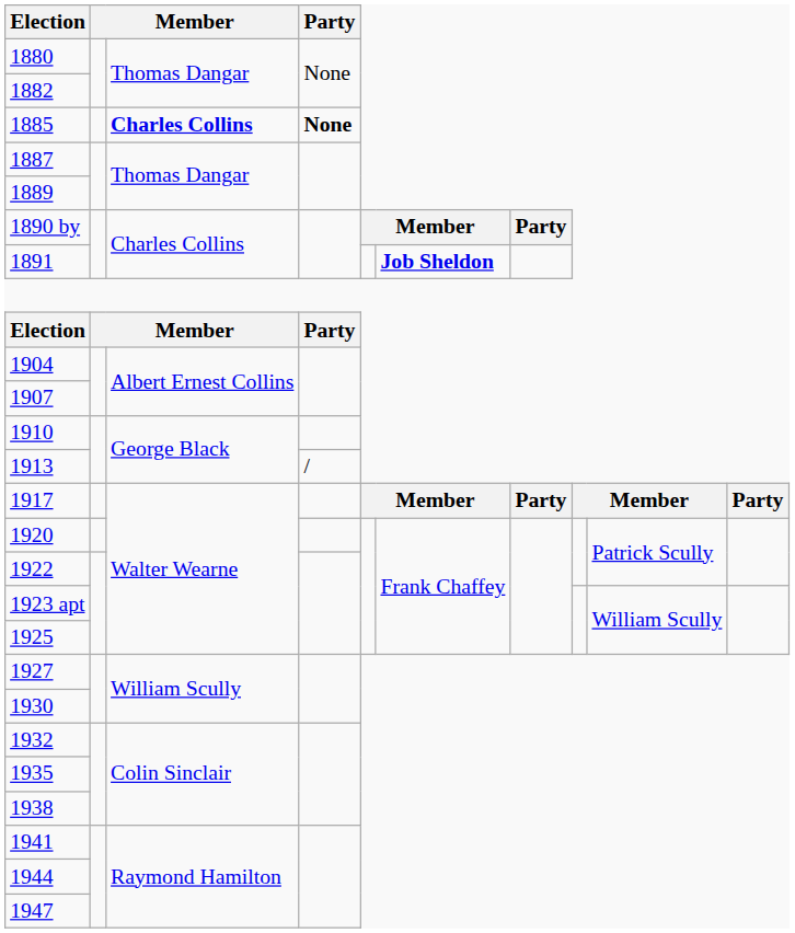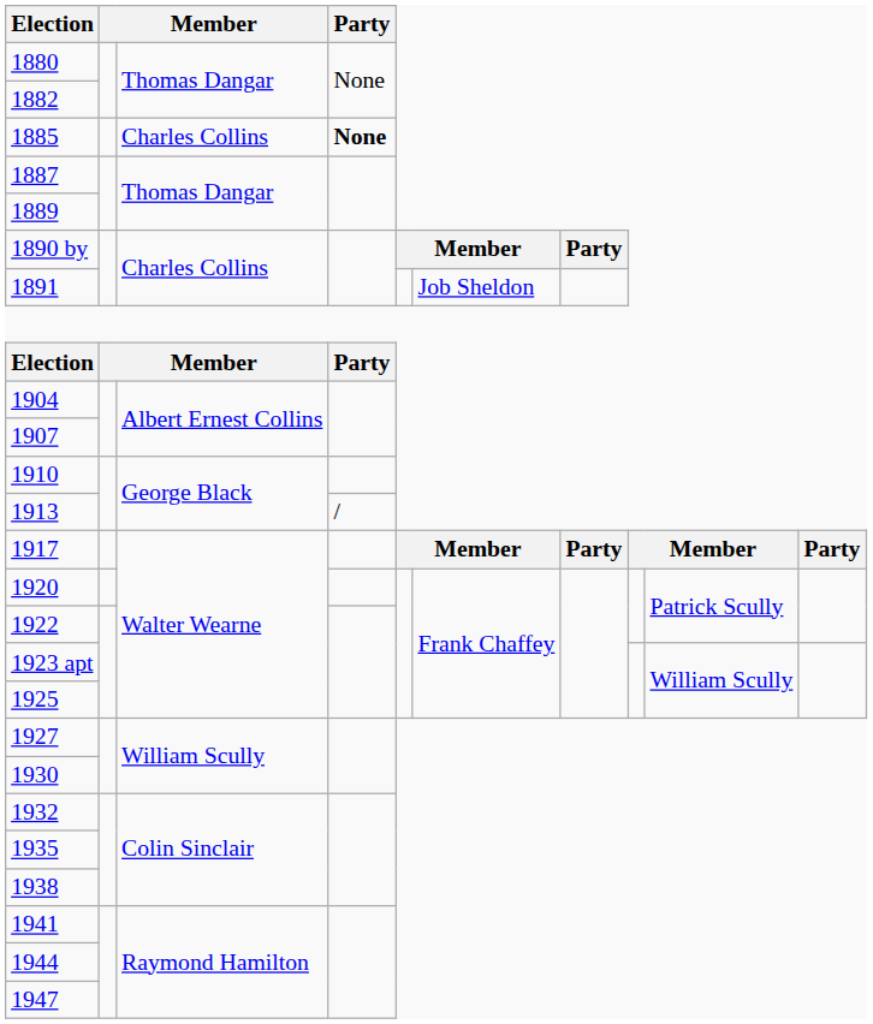 <table class="wikitable" style='border-style: none none none none;'>
 <tr>
 <th>Election</th>
 <th colspan="2">Member</th>
 <th>Party</th>
 </tr>
 <tr style="background: #f9f9f9">
 <td><a href='#'>1880</a></td>
 <td rowspan="2" > </td>
 <td rowspan="2"><a href='#'>Thomas Dangar</a></td>
 <td rowspan="2">None</td>
 </tr>
 <tr style="background: #f9f9f9">
 <td><a href='#'>1882</a></td>
 </tr>
 <tr style="background: #f9f9f9">
 <td><a href='#'>1885</a></td>
 <td> </td>
-<td><strong><a href='#'>Charles Collins</a></strong></td>
+<td><a href='#'>Charles Collins</a></td>
 <td><strong>None</strong></td>
 </tr>
 <tr style="background: #f9f9f9">
 <td><a href='#'>1887</a></td>
 <td rowspan="2" > </td>
 <td rowspan="2"><a href='#'>Thomas Dangar</a></td>
 <td rowspan="2"></td>
 </tr>
 <tr style="background: #f9f9f9">
 <td><a href='#'>1889</a></td>
 </tr>
 <tr style="background: #f9f9f9">
 <td><a href='#'>1890 by</a></td>
 <td rowspan="2" > </td>
 <td rowspan="2"><a href='#'>Charles Collins</a></td>
 <td rowspan="2"></td>
 <th colspan="2">Member</th>
 <th>Party</th>
 </tr>
 <tr style="background: #f9f9f9">
 <td><a href='#'>1891</a></td>
 <td> </td>
-<td><strong><a href='#'>Job Sheldon</a></strong></td>
+<td><a href='#'>Job Sheldon</a></td>
 <td></td>
 </tr>
 <tr>
 <td colspan="4" style='border-style: none none none none;'> </td>
 </tr>
 <tr>
 <th>Election</th>
 <th colspan="2">Member</th>
 <th>Party</th>
 </tr>
 <tr style="background: #f9f9f9">
 <td><a href='#'>1904</a></td>
 <td rowspan="2" > </td>
 <td rowspan="2"><a href='#'>Albert Ernest Collins</a></td>
 <td rowspan="2"></td>
 </tr>
 <tr style="background: #f9f9f9">
 <td><a href='#'>1907</a></td>
 </tr>
 <tr style="background: #f9f9f9">
 <td><a href='#'>1910</a></td>
 <td rowspan="2" > </td>
 <td rowspan="2"><a href='#'>George Black</a></td>
 <td></td>
 </tr>
 <tr style="background: #f9f9f9">
 <td><a href='#'>1913</a></td>
 <td> / </td>
 </tr>
 <tr style="background: #f9f9f9">
 <td><a href='#'>1917</a></td>
 <td> </td>
 <td rowspan="5"><a href='#'>Walter Wearne</a></td>
 <td></td>
 <th colspan="2">Member</th>
 <th>Party</th>
 <th colspan="2">Member</th>
 <th>Party</th>
 </tr>
 <tr style="background: #f9f9f9">
 <td><a href='#'>1920</a></td>
 <td> </td>
 <td></td>
 <td rowspan="4" > </td>
 <td rowspan="4"><a href='#'>Frank Chaffey</a></td>
 <td rowspan="4"></td>
 <td rowspan="2" > </td>
 <td rowspan="2"><a href='#'>Patrick Scully</a></td>
 <td rowspan="2"></td>
 </tr>
 <tr style="background: #f9f9f9">
 <td><a href='#'>1922</a></td>
 <td rowspan="3" > </td>
 <td rowspan="3"></td>
 </tr>
 <tr style="background: #f9f9f9">
 <td><a href='#'>1923 apt</a></td>
 <td rowspan="2"> </td>
 <td rowspan="2"><a href='#'>William Scully</a></td>
 <td rowspan="2"></td>
 </tr>
 <tr style="background: #f9f9f9">
 <td><a href='#'>1925</a></td>
 </tr>
 <tr style="background: #f9f9f9">
 <td><a href='#'>1927</a></td>
 <td rowspan="2" > </td>
 <td rowspan="2"><a href='#'>William Scully</a></td>
 <td rowspan="2"></td>
 </tr>
 <tr style="background: #f9f9f9">
 <td><a href='#'>1930</a></td>
 </tr>
 <tr style="background: #f9f9f9">
 <td><a href='#'>1932</a></td>
 <td rowspan="3" > </td>
 <td rowspan="3"><a href='#'>Colin Sinclair</a></td>
 <td rowspan="3"></td>
 </tr>
 <tr style="background: #f9f9f9">
 <td><a href='#'>1935</a></td>
 </tr>
 <tr style="background: #f9f9f9">
 <td><a href='#'>1938</a></td>
 </tr>
 <tr style="background: #f9f9f9">
 <td><a href='#'>1941</a></td>
 <td rowspan="3" > </td>
 <td rowspan="3"><a href='#'>Raymond Hamilton</a></td>
 <td rowspan="3"></td>
 </tr>
 <tr style="background: #f9f9f9">
 <td><a href='#'>1944</a></td>
 </tr>
 <tr style="background: #f9f9f9">
 <td><a href='#'>1947</a></td>
 </tr>
 </table>
